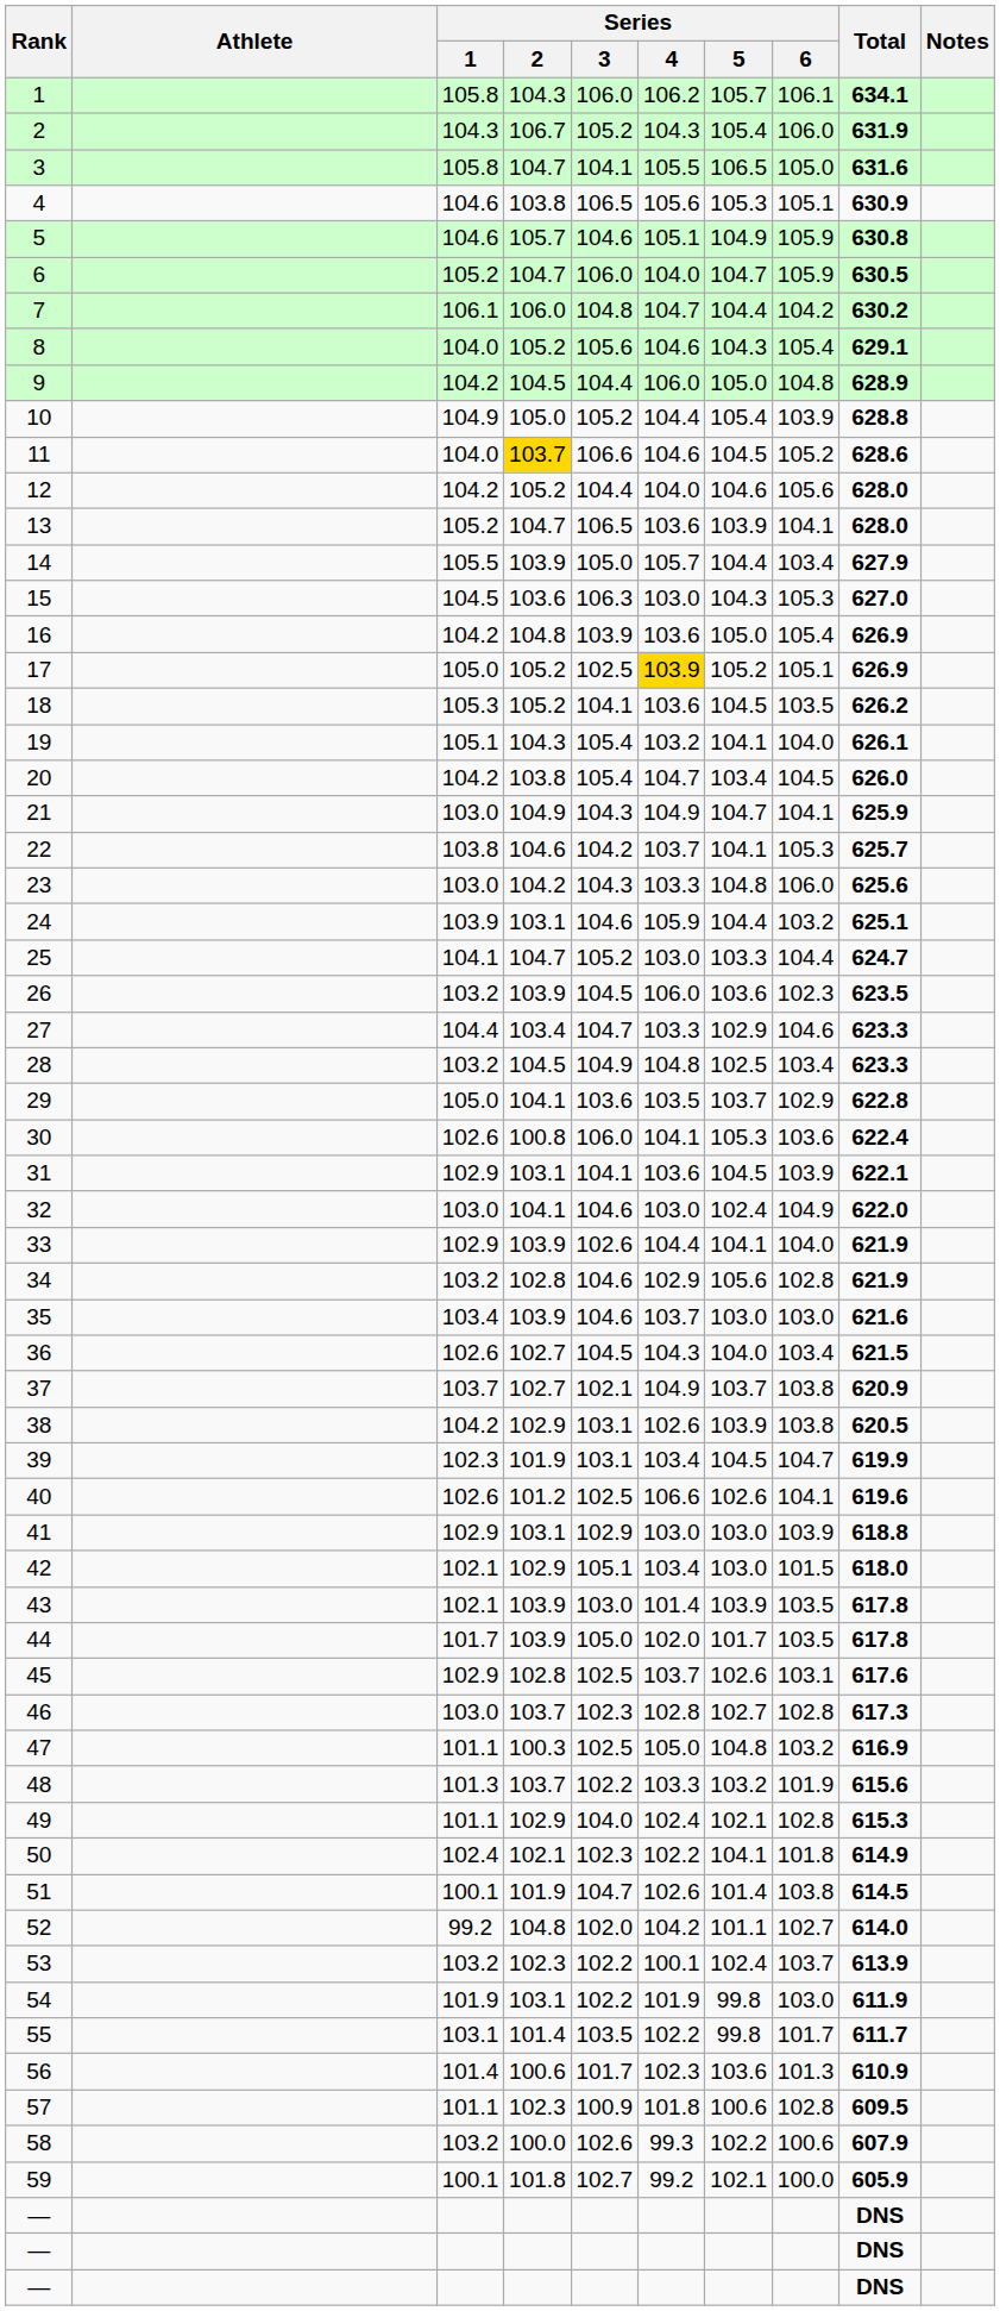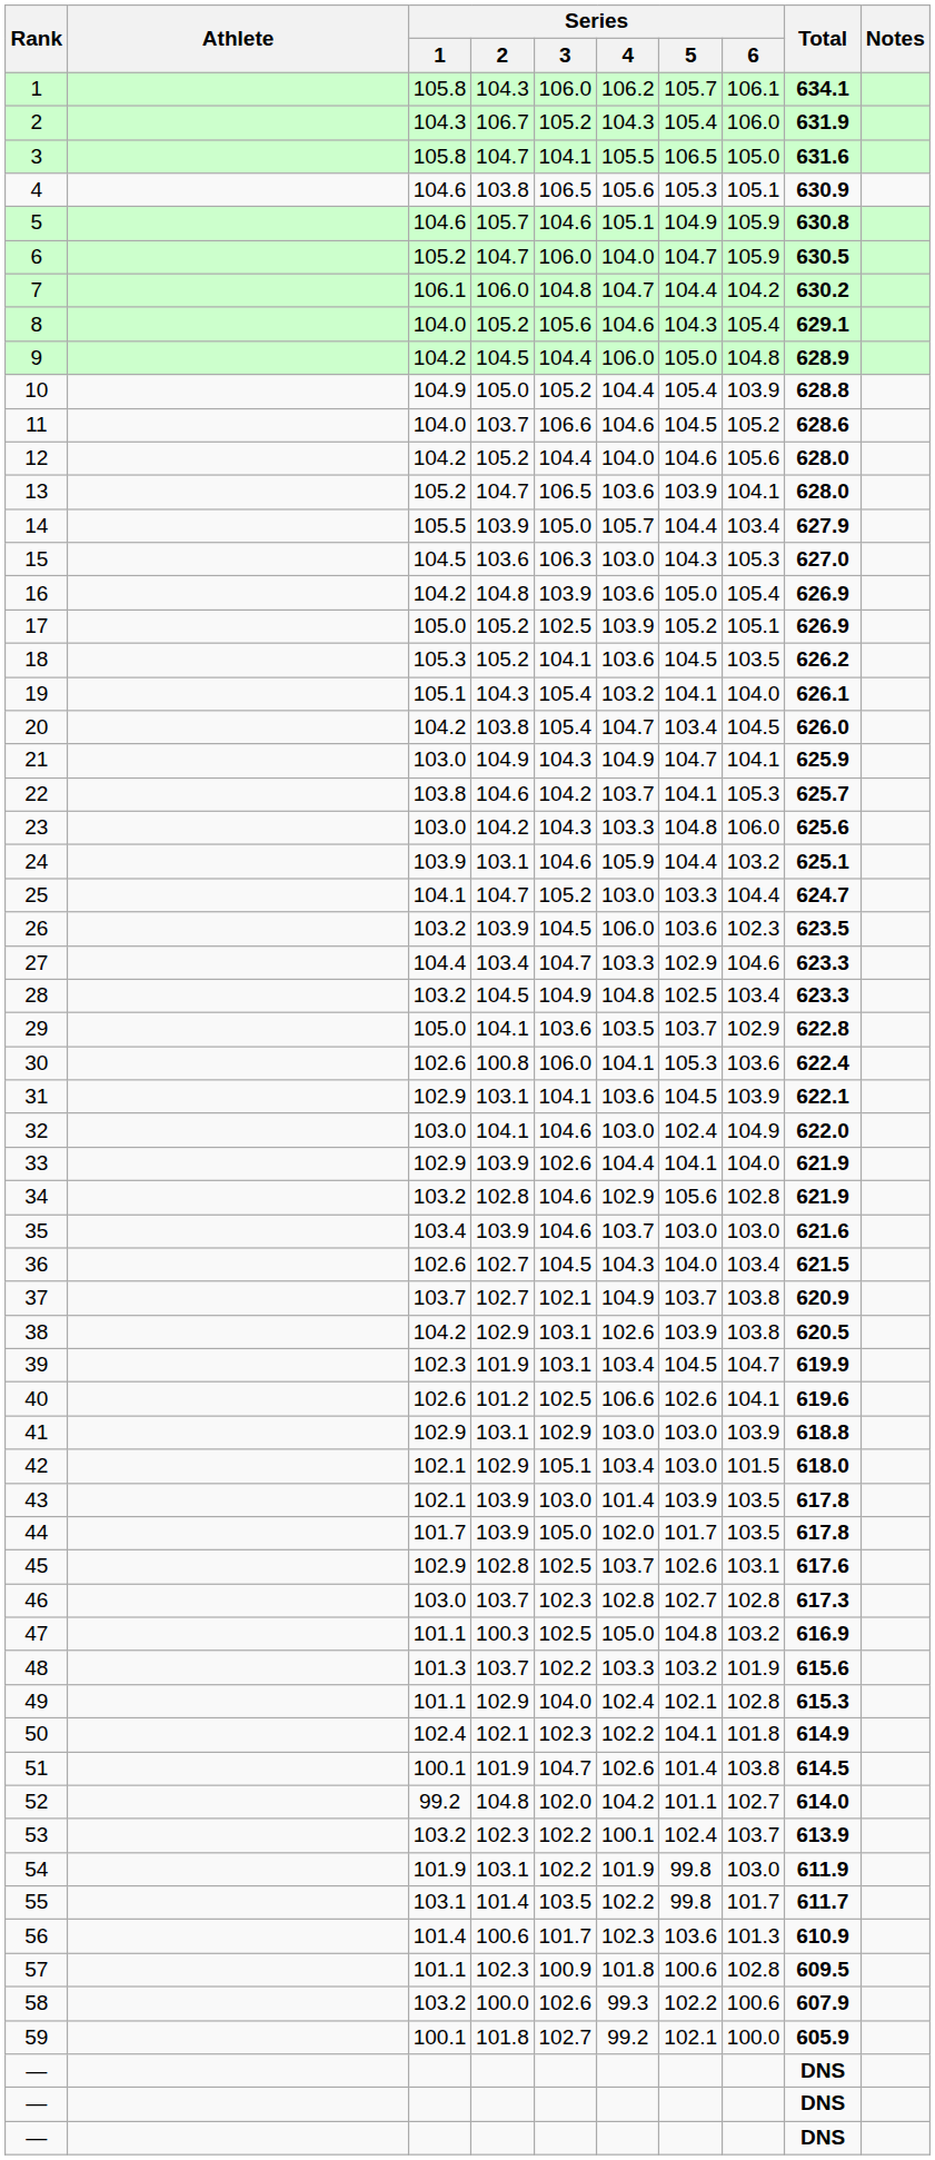 <table class="wikitable" style="text-align:center">
 <tr>
 <th rowspan=2 width=40>Rank</th>
 <th rowspan=2 width=250>Athlete</th>
 <th colspan=6>Series</th>
 <th rowspan=2 width=50>Total</th>
 <th rowspan=2 width=45>Notes</th>
 </tr>
 <tr>
 <th width=40>1</th>
 <th width=40>2</th>
 <th width=40>3</th>
 <th width=40>4</th>
 <th width=40>5</th>
 <th width=40>6</th>
 </tr>
 <tr bgcolor=ccffcc>
 <td>1</td>
 <td align=left></td>
 <td>105.8</td>
 <td>104.3</td>
 <td>106.0</td>
 <td>106.2</td>
 <td>105.7</td>
 <td>106.1</td>
 <td><strong>634.1</strong></td>
 <td></td>
 </tr>
 <tr bgcolor=ccffcc>
 <td>2</td>
 <td align=left></td>
 <td>104.3</td>
 <td>106.7</td>
 <td>105.2</td>
 <td>104.3</td>
 <td>105.4</td>
 <td>106.0</td>
 <td><strong>631.9</strong></td>
 <td></td>
 </tr>
 <tr bgcolor=ccffcc>
 <td>3</td>
 <td align=left></td>
 <td>105.8</td>
 <td>104.7</td>
 <td>104.1</td>
 <td>105.5</td>
 <td>106.5</td>
 <td>105.0</td>
 <td><strong>631.6</strong></td>
 <td></td>
 </tr>
 <tr>
 <td>4</td>
 <td align=left></td>
 <td>104.6</td>
 <td>103.8</td>
 <td>106.5</td>
 <td>105.6</td>
 <td>105.3</td>
 <td>105.1</td>
 <td><strong>630.9</strong></td>
 <td></td>
 </tr>
 <tr bgcolor=ccffcc>
 <td>5</td>
 <td align=left></td>
 <td>104.6</td>
 <td>105.7</td>
 <td>104.6</td>
 <td>105.1</td>
 <td>104.9</td>
 <td>105.9</td>
 <td><strong>630.8</strong></td>
 <td></td>
 </tr>
 <tr bgcolor=ccffcc>
 <td>6</td>
 <td align=left></td>
 <td>105.2</td>
 <td>104.7</td>
 <td>106.0</td>
 <td>104.0</td>
 <td>104.7</td>
 <td>105.9</td>
 <td><strong>630.5</strong></td>
 <td></td>
 </tr>
 <tr bgcolor=ccffcc>
 <td>7</td>
 <td align=left></td>
 <td>106.1</td>
 <td>106.0</td>
 <td>104.8</td>
 <td>104.7</td>
 <td>104.4</td>
 <td>104.2</td>
 <td><strong>630.2</strong></td>
 <td></td>
 </tr>
 <tr bgcolor=ccffcc>
 <td>8</td>
 <td align=left></td>
 <td>104.0</td>
 <td>105.2</td>
 <td>105.6</td>
 <td>104.6</td>
 <td>104.3</td>
 <td>105.4</td>
 <td><strong>629.1</strong></td>
 <td></td>
 </tr>
 <tr bgcolor=ccffcc>
 <td>9</td>
 <td align=left></td>
 <td>104.2</td>
 <td>104.5</td>
 <td>104.4</td>
 <td>106.0</td>
 <td>105.0</td>
 <td>104.8</td>
 <td><strong>628.9</strong></td>
 <td></td>
 </tr>
 <tr>
 <td>10</td>
 <td align=left></td>
 <td>104.9</td>
 <td>105.0</td>
 <td>105.2</td>
 <td>104.4</td>
 <td>105.4</td>
 <td>103.9</td>
 <td><strong>628.8</strong></td>
 <td></td>
 </tr>
 <tr>
 <td>11</td>
 <td align=left></td>
 <td>104.0</td>
-<td style="background: gold;">103.7</td>
+<td>103.7</td>
 <td>106.6</td>
 <td>104.6</td>
 <td>104.5</td>
 <td>105.2</td>
 <td><strong>628.6</strong></td>
 <td></td>
 </tr>
 <tr>
 <td>12</td>
 <td align=left></td>
 <td>104.2</td>
 <td>105.2</td>
 <td>104.4</td>
 <td>104.0</td>
 <td>104.6</td>
 <td>105.6</td>
 <td><strong>628.0</strong></td>
 <td></td>
 </tr>
 <tr>
 <td>13</td>
 <td align=left></td>
 <td>105.2</td>
 <td>104.7</td>
 <td>106.5</td>
 <td>103.6</td>
 <td>103.9</td>
 <td>104.1</td>
 <td><strong>628.0</strong></td>
 <td></td>
 </tr>
 <tr>
 <td>14</td>
 <td align=left></td>
 <td>105.5</td>
 <td>103.9</td>
 <td>105.0</td>
 <td>105.7</td>
 <td>104.4</td>
 <td>103.4</td>
 <td><strong>627.9</strong></td>
 <td></td>
 </tr>
 <tr>
 <td>15</td>
 <td align=left></td>
 <td>104.5</td>
 <td>103.6</td>
 <td>106.3</td>
 <td>103.0</td>
 <td>104.3</td>
 <td>105.3</td>
 <td><strong>627.0</strong></td>
 <td></td>
 </tr>
 <tr>
 <td>16</td>
 <td align=left></td>
 <td>104.2</td>
 <td>104.8</td>
 <td>103.9</td>
 <td>103.6</td>
 <td>105.0</td>
 <td>105.4</td>
 <td><strong>626.9</strong></td>
 <td></td>
 </tr>
 <tr>
 <td>17</td>
 <td align=left></td>
 <td>105.0</td>
 <td>105.2</td>
 <td>102.5</td>
-<td style="background: gold;">103.9</td>
+<td>103.9</td>
 <td>105.2</td>
 <td>105.1</td>
 <td><strong>626.9</strong></td>
 <td></td>
 </tr>
 <tr>
 <td>18</td>
 <td align=left></td>
 <td>105.3</td>
 <td>105.2</td>
 <td>104.1</td>
 <td>103.6</td>
 <td>104.5</td>
 <td>103.5</td>
 <td><strong>626.2</strong></td>
 <td></td>
 </tr>
 <tr>
 <td>19</td>
 <td align=left></td>
 <td>105.1</td>
 <td>104.3</td>
 <td>105.4</td>
 <td>103.2</td>
 <td>104.1</td>
 <td>104.0</td>
 <td><strong>626.1</strong></td>
 <td></td>
 </tr>
 <tr>
 <td>20</td>
 <td align=left></td>
 <td>104.2</td>
 <td>103.8</td>
 <td>105.4</td>
 <td>104.7</td>
 <td>103.4</td>
 <td>104.5</td>
 <td><strong>626.0</strong></td>
 <td></td>
 </tr>
 <tr>
 <td>21</td>
 <td align=left></td>
 <td>103.0</td>
 <td>104.9</td>
 <td>104.3</td>
 <td>104.9</td>
 <td>104.7</td>
 <td>104.1</td>
 <td><strong>625.9</strong></td>
 <td></td>
 </tr>
 <tr>
 <td>22</td>
 <td align=left></td>
 <td>103.8</td>
 <td>104.6</td>
 <td>104.2</td>
 <td>103.7</td>
 <td>104.1</td>
 <td>105.3</td>
 <td><strong>625.7</strong></td>
 <td></td>
 </tr>
 <tr>
 <td>23</td>
 <td align=left></td>
 <td>103.0</td>
 <td>104.2</td>
 <td>104.3</td>
 <td>103.3</td>
 <td>104.8</td>
 <td>106.0</td>
 <td><strong>625.6</strong></td>
 <td></td>
 </tr>
 <tr>
 <td>24</td>
 <td align=left></td>
 <td>103.9</td>
 <td>103.1</td>
 <td>104.6</td>
 <td>105.9</td>
 <td>104.4</td>
 <td>103.2</td>
 <td><strong>625.1</strong></td>
 <td></td>
 </tr>
 <tr>
 <td>25</td>
 <td align=left></td>
 <td>104.1</td>
 <td>104.7</td>
 <td>105.2</td>
 <td>103.0</td>
 <td>103.3</td>
 <td>104.4</td>
 <td><strong>624.7</strong></td>
 <td></td>
 </tr>
 <tr>
 <td>26</td>
 <td align=left></td>
 <td>103.2</td>
 <td>103.9</td>
 <td>104.5</td>
 <td>106.0</td>
 <td>103.6</td>
 <td>102.3</td>
 <td><strong>623.5</strong></td>
 <td></td>
 </tr>
 <tr>
 <td>27</td>
 <td align=left></td>
 <td>104.4</td>
 <td>103.4</td>
 <td>104.7</td>
 <td>103.3</td>
 <td>102.9</td>
 <td>104.6</td>
 <td><strong>623.3</strong></td>
 <td></td>
 </tr>
 <tr>
 <td>28</td>
 <td align=left></td>
 <td>103.2</td>
 <td>104.5</td>
 <td>104.9</td>
 <td>104.8</td>
 <td>102.5</td>
 <td>103.4</td>
 <td><strong>623.3</strong></td>
 <td></td>
 </tr>
 <tr>
 <td>29</td>
 <td align=left></td>
 <td>105.0</td>
 <td>104.1</td>
 <td>103.6</td>
 <td>103.5</td>
 <td>103.7</td>
 <td>102.9</td>
 <td><strong>622.8</strong></td>
 <td></td>
 </tr>
 <tr>
 <td>30</td>
 <td align=left></td>
 <td>102.6</td>
 <td>100.8</td>
 <td>106.0</td>
 <td>104.1</td>
 <td>105.3</td>
 <td>103.6</td>
 <td><strong>622.4</strong></td>
 <td></td>
 </tr>
 <tr>
 <td>31</td>
 <td align=left></td>
 <td>102.9</td>
 <td>103.1</td>
 <td>104.1</td>
 <td>103.6</td>
 <td>104.5</td>
 <td>103.9</td>
 <td><strong>622.1</strong></td>
 <td></td>
 </tr>
 <tr>
 <td>32</td>
 <td align=left></td>
 <td>103.0</td>
 <td>104.1</td>
 <td>104.6</td>
 <td>103.0</td>
 <td>102.4</td>
 <td>104.9</td>
 <td><strong>622.0</strong></td>
 <td></td>
 </tr>
 <tr>
 <td>33</td>
 <td align=left></td>
 <td>102.9</td>
 <td>103.9</td>
 <td>102.6</td>
 <td>104.4</td>
 <td>104.1</td>
 <td>104.0</td>
 <td><strong>621.9</strong></td>
 <td></td>
 </tr>
 <tr>
 <td>34</td>
 <td align=left></td>
 <td>103.2</td>
 <td>102.8</td>
 <td>104.6</td>
 <td>102.9</td>
 <td>105.6</td>
 <td>102.8</td>
 <td><strong>621.9</strong></td>
 <td></td>
 </tr>
 <tr>
 <td>35</td>
 <td align=left></td>
 <td>103.4</td>
 <td>103.9</td>
 <td>104.6</td>
 <td>103.7</td>
 <td>103.0</td>
 <td>103.0</td>
 <td><strong>621.6</strong></td>
 <td></td>
 </tr>
 <tr>
 <td>36</td>
 <td align=left></td>
 <td>102.6</td>
 <td>102.7</td>
 <td>104.5</td>
 <td>104.3</td>
 <td>104.0</td>
 <td>103.4</td>
 <td><strong>621.5</strong></td>
 <td></td>
 </tr>
 <tr>
 <td>37</td>
 <td align=left></td>
 <td>103.7</td>
 <td>102.7</td>
 <td>102.1</td>
 <td>104.9</td>
 <td>103.7</td>
 <td>103.8</td>
 <td><strong>620.9</strong></td>
 <td></td>
 </tr>
 <tr>
 <td>38</td>
 <td align=left></td>
 <td>104.2</td>
 <td>102.9</td>
 <td>103.1</td>
 <td>102.6</td>
 <td>103.9</td>
 <td>103.8</td>
 <td><strong>620.5</strong></td>
 <td></td>
 </tr>
 <tr>
 <td>39</td>
 <td align=left></td>
 <td>102.3</td>
 <td>101.9</td>
 <td>103.1</td>
 <td>103.4</td>
 <td>104.5</td>
 <td>104.7</td>
 <td><strong>619.9</strong></td>
 <td></td>
 </tr>
 <tr>
 <td>40</td>
 <td align=left></td>
 <td>102.6</td>
 <td>101.2</td>
 <td>102.5</td>
 <td>106.6</td>
 <td>102.6</td>
 <td>104.1</td>
 <td><strong>619.6</strong></td>
 <td></td>
 </tr>
 <tr>
 <td>41</td>
 <td align=left></td>
 <td>102.9</td>
 <td>103.1</td>
 <td>102.9</td>
 <td>103.0</td>
 <td>103.0</td>
 <td>103.9</td>
 <td><strong>618.8</strong></td>
 <td></td>
 </tr>
 <tr>
 <td>42</td>
 <td align=left></td>
 <td>102.1</td>
 <td>102.9</td>
 <td>105.1</td>
 <td>103.4</td>
 <td>103.0</td>
 <td>101.5</td>
 <td><strong>618.0</strong></td>
 <td></td>
 </tr>
 <tr>
 <td>43</td>
 <td align=left></td>
 <td>102.1</td>
 <td>103.9</td>
 <td>103.0</td>
 <td>101.4</td>
 <td>103.9</td>
 <td>103.5</td>
 <td><strong>617.8</strong></td>
 <td></td>
 </tr>
 <tr>
 <td>44</td>
 <td align=left></td>
 <td>101.7</td>
 <td>103.9</td>
 <td>105.0</td>
 <td>102.0</td>
 <td>101.7</td>
 <td>103.5</td>
 <td><strong>617.8</strong></td>
 <td></td>
 </tr>
 <tr>
 <td>45</td>
 <td align=left></td>
 <td>102.9</td>
 <td>102.8</td>
 <td>102.5</td>
 <td>103.7</td>
 <td>102.6</td>
 <td>103.1</td>
 <td><strong>617.6</strong></td>
 <td></td>
 </tr>
 <tr>
 <td>46</td>
 <td align=left></td>
 <td>103.0</td>
 <td>103.7</td>
 <td>102.3</td>
 <td>102.8</td>
 <td>102.7</td>
 <td>102.8</td>
 <td><strong>617.3</strong></td>
 <td></td>
 </tr>
 <tr>
 <td>47</td>
 <td align=left></td>
 <td>101.1</td>
 <td>100.3</td>
 <td>102.5</td>
 <td>105.0</td>
 <td>104.8</td>
 <td>103.2</td>
 <td><strong>616.9</strong></td>
 <td></td>
 </tr>
 <tr>
 <td>48</td>
 <td align=left></td>
 <td>101.3</td>
 <td>103.7</td>
 <td>102.2</td>
 <td>103.3</td>
 <td>103.2</td>
 <td>101.9</td>
 <td><strong>615.6</strong></td>
 <td></td>
 </tr>
 <tr>
 <td>49</td>
 <td align=left></td>
 <td>101.1</td>
 <td>102.9</td>
 <td>104.0</td>
 <td>102.4</td>
 <td>102.1</td>
 <td>102.8</td>
 <td><strong>615.3</strong></td>
 <td></td>
 </tr>
 <tr>
 <td>50</td>
 <td align=left></td>
 <td>102.4</td>
 <td>102.1</td>
 <td>102.3</td>
 <td>102.2</td>
 <td>104.1</td>
 <td>101.8</td>
 <td><strong>614.9</strong></td>
 <td></td>
 </tr>
 <tr>
 <td>51</td>
 <td align=left></td>
 <td>100.1</td>
 <td>101.9</td>
 <td>104.7</td>
 <td>102.6</td>
 <td>101.4</td>
 <td>103.8</td>
 <td><strong>614.5</strong></td>
 <td></td>
 </tr>
 <tr>
 <td>52</td>
 <td align=left></td>
 <td>99.2</td>
 <td>104.8</td>
 <td>102.0</td>
 <td>104.2</td>
 <td>101.1</td>
 <td>102.7</td>
 <td><strong>614.0</strong></td>
 <td></td>
 </tr>
 <tr>
 <td>53</td>
 <td align=left></td>
 <td>103.2</td>
 <td>102.3</td>
 <td>102.2</td>
 <td>100.1</td>
 <td>102.4</td>
 <td>103.7</td>
 <td><strong>613.9</strong></td>
 <td></td>
 </tr>
 <tr>
 <td>54</td>
 <td align=left></td>
 <td>101.9</td>
 <td>103.1</td>
 <td>102.2</td>
 <td>101.9</td>
 <td>99.8</td>
 <td>103.0</td>
 <td><strong>611.9</strong></td>
 <td></td>
 </tr>
 <tr>
 <td>55</td>
 <td align=left></td>
 <td>103.1</td>
 <td>101.4</td>
 <td>103.5</td>
 <td>102.2</td>
 <td>99.8</td>
 <td>101.7</td>
 <td><strong>611.7</strong></td>
 <td></td>
 </tr>
 <tr>
 <td>56</td>
 <td align=left></td>
 <td>101.4</td>
 <td>100.6</td>
 <td>101.7</td>
 <td>102.3</td>
 <td>103.6</td>
 <td>101.3</td>
 <td><strong>610.9</strong></td>
 <td></td>
 </tr>
 <tr>
 <td>57</td>
 <td align=left></td>
 <td>101.1</td>
 <td>102.3</td>
 <td>100.9</td>
 <td>101.8</td>
 <td>100.6</td>
 <td>102.8</td>
 <td><strong>609.5</strong></td>
 <td></td>
 </tr>
 <tr>
 <td>58</td>
 <td align=left></td>
 <td>103.2</td>
 <td>100.0</td>
 <td>102.6</td>
 <td>99.3</td>
 <td>102.2</td>
 <td>100.6</td>
 <td><strong>607.9</strong></td>
 <td></td>
 </tr>
 <tr>
 <td>59</td>
 <td align=left></td>
 <td>100.1</td>
 <td>101.8</td>
 <td>102.7</td>
 <td>99.2</td>
 <td>102.1</td>
 <td>100.0</td>
 <td><strong>605.9</strong></td>
 <td></td>
 </tr>
 <tr>
 <td>—</td>
 <td align=left></td>
 <td></td>
 <td></td>
 <td></td>
 <td></td>
 <td></td>
 <td></td>
 <td><strong>DNS</strong></td>
 <td></td>
 </tr>
 <tr>
 <td>—</td>
 <td align=left></td>
 <td></td>
 <td></td>
 <td></td>
 <td></td>
 <td></td>
 <td></td>
 <td><strong>DNS</strong></td>
 <td></td>
 </tr>
 <tr>
 <td>—</td>
 <td align=left></td>
 <td></td>
 <td></td>
 <td></td>
 <td></td>
 <td></td>
 <td></td>
 <td><strong>DNS</strong></td>
 <td></td>
 </tr>
 </table>
